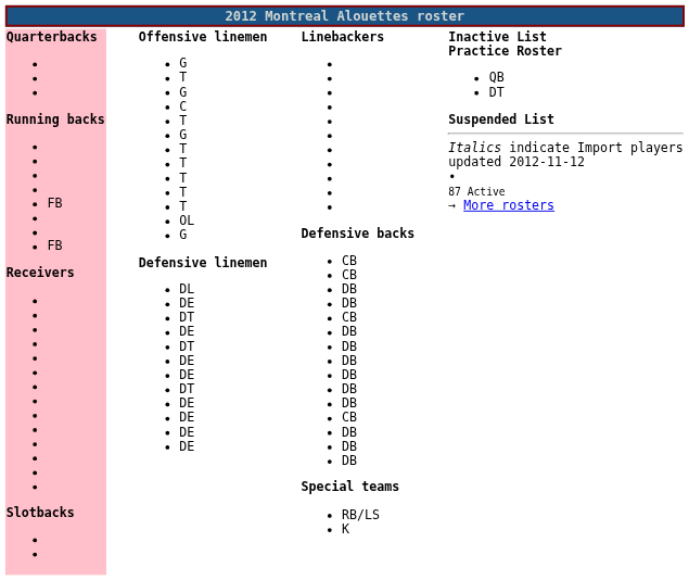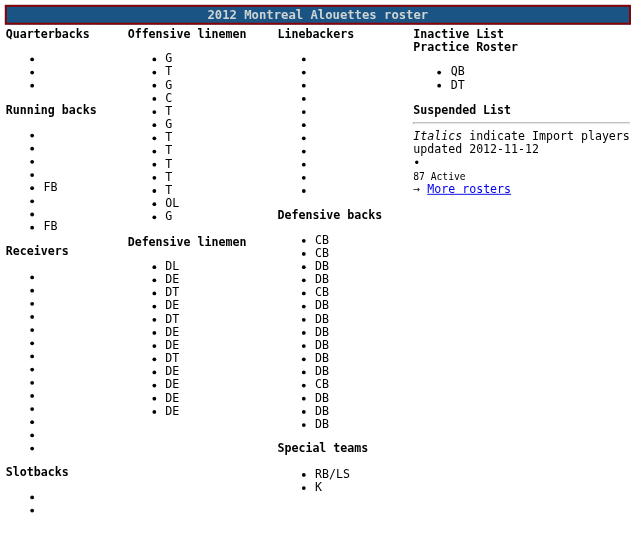 <table class="toccolours" style="text-align: left;">
 <tr>
 <th colspan="7" style="background-color: #1A5484; color:#CED4D3; border:2px solid darkred; text-align: center">2012 Montreal Alouettes roster</th>
 </tr>
 <tr>
-<td style="background: pink; font-size: 95%;" valign="top"><strong>Quarterbacks</strong><br><ul><li></li><li></li><li></li></ul><strong>Running backs</strong><ul><li></li><li></li><li></li><li></li><li> FB</li><li></li><li></li><li> FB</li></ul><strong>Receivers</strong><ul><li></li><li></li><li></li><li></li><li></li><li></li><li></li><li></li><li></li><li></li><li></li><li></li><li></li><li></li></ul><strong>Slotbacks</strong><ul><li></li><li></li></ul></td>
+<td style="font-size: 95%;" valign="top"><strong>Quarterbacks</strong><br><ul><li></li><li></li><li></li></ul><strong>Running backs</strong><ul><li></li><li></li><li></li><li></li><li> FB</li><li></li><li></li><li> FB</li></ul><strong>Receivers</strong><ul><li></li><li></li><li></li><li></li><li></li><li></li><li></li><li></li><li></li><li></li><li></li><li></li><li></li><li></li></ul><strong>Slotbacks</strong><ul><li></li><li></li></ul></td>
 <td style="width: 25px;"></td>
 <td style="font-size: 95%;" valign="top"><strong>Offensive linemen</strong><br><ul><li> G</li><li> T</li><li> G</li><li> C</li><li> T</li><li> G</li><li> T</li><li> T</li><li> T</li><li> T</li><li> T</li><li> OL</li><li> G</li></ul><strong>Defensive linemen</strong><ul><li> DL</li><li> DE</li><li> DT</li><li> DE</li><li> DT</li><li> DE</li><li> DE</li><li> DT</li><li> DE</li><li> DE</li><li> DE</li><li> DE</li></ul></td>
 <td style="width: 25px;"></td>
 <td style="font-size: 95%;" valign="top"><strong>Linebackers</strong><br><ul><li></li><li></li><li></li><li></li><li></li><li></li><li></li><li></li><li></li><li></li><li></li></ul><strong>Defensive backs</strong><ul><li> CB</li><li> CB</li><li> DB</li><li> DB</li><li> CB</li><li> DB</li><li> DB</li><li> DB</li><li> DB</li><li> DB</li><li> DB</li><li> CB</li><li> DB</li><li> DB</li><li> DB</li></ul><strong>Special teams</strong><ul><li> RB/LS</li><li> K</li></ul></td>
 <td style="width: 25px;"></td>
 <td style="font-size: 95%;" valign="top"><strong>Inactive List</strong><br><strong>Practice Roster</strong><ul><li> QB</li><li> DT</li></ul><strong>Suspended List</strong><br><hr> <em>Italics</em> indicate Import players<br> <span></span> updated 2012-11-12<br> <span></span> • <span></span><br> <small>87 Active</small><br>→ <a href='#'>More rosters</a></td>
 </tr>
 <tr>
 </tr>
 </table>
